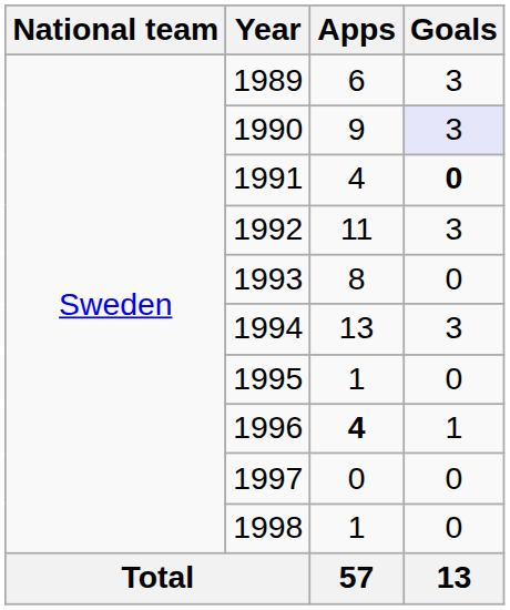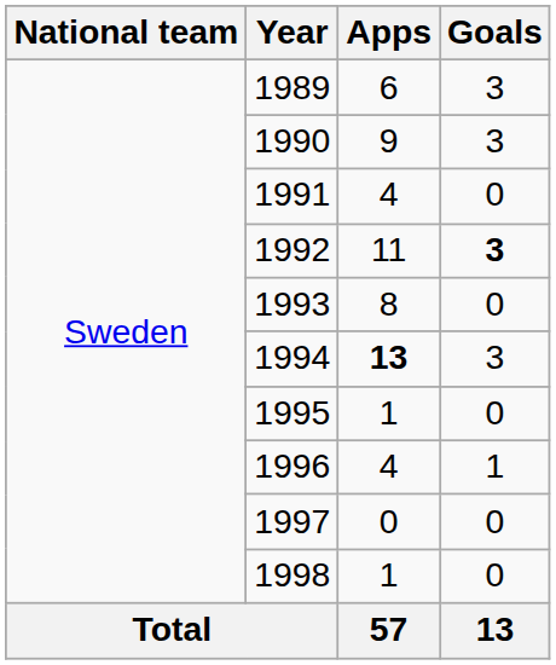 <table class="wikitable" style="text-align:center">
 <tr>
 <th>National team</th>
 <th>Year</th>
 <th>Apps</th>
 <th>Goals</th>
 </tr>
 <tr>
 <td rowspan="10"><a href='#'>Sweden</a></td>
 <td>1989</td>
 <td>6</td>
 <td>3</td>
 </tr>
 <tr>
 <td>1990</td>
 <td>9</td>
-<td style="background: lavender;">3</td>
+<td>3</td>
 </tr>
 <tr>
 <td>1991</td>
 <td>4</td>
-<td><strong>0</strong></td>
+<td>0</td>
 </tr>
 <tr>
 <td>1992</td>
 <td>11</td>
-<td>3</td>
+<td><strong>3</strong></td>
 </tr>
 <tr>
 <td>1993</td>
 <td>8</td>
 <td>0</td>
 </tr>
 <tr>
 <td>1994</td>
-<td>13</td>
+<td><strong>13</strong></td>
 <td>3</td>
 </tr>
 <tr>
 <td>1995</td>
 <td>1</td>
 <td>0</td>
 </tr>
 <tr>
 <td>1996</td>
-<td><strong>4</strong></td>
+<td>4</td>
 <td>1</td>
 </tr>
 <tr>
 <td>1997</td>
 <td>0</td>
 <td>0</td>
 </tr>
 <tr>
 <td>1998</td>
 <td>1</td>
 <td>0</td>
 </tr>
 <tr>
 <th colspan="2">Total</th>
 <th>57</th>
 <th>13</th>
 </tr>
 </table>
